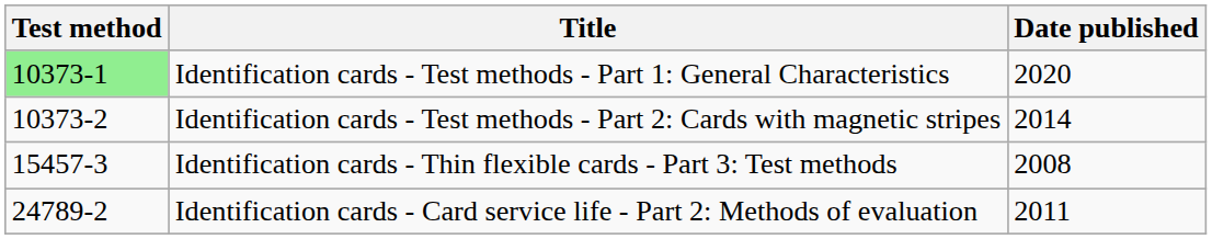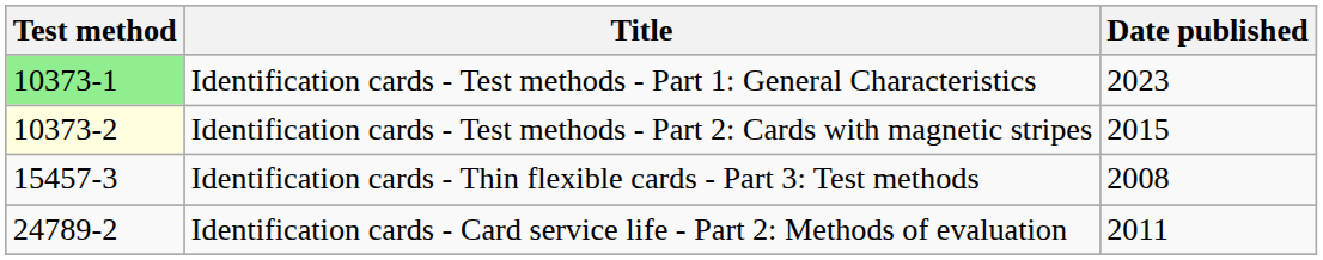 <table class="wikitable">
 <tr>
 <th>Test method</th>
 <th>Title</th>
 <th>Date published</th>
 </tr>
 <tr>
 <td style="background: lightgreen;">10373-1</td>
 <td>Identification cards - Test methods - Part 1: General Characteristics</td>
-<td>2020</td>
+<td>2023</td>
 </tr>
 <tr>
-<td>10373-2</td>
+<td style="background: lightyellow;">10373-2</td>
 <td>Identification cards - Test methods - Part 2: Cards with magnetic stripes</td>
-<td>2014</td>
+<td>2015</td>
 </tr>
 <tr>
 <td>15457-3</td>
 <td>Identification cards - Thin flexible cards - Part 3: Test methods</td>
 <td>2008</td>
 </tr>
 <tr>
 <td>24789-2</td>
 <td>Identification cards - Card service life - Part 2: Methods of evaluation</td>
 <td>2011</td>
 </tr>
 </table>
